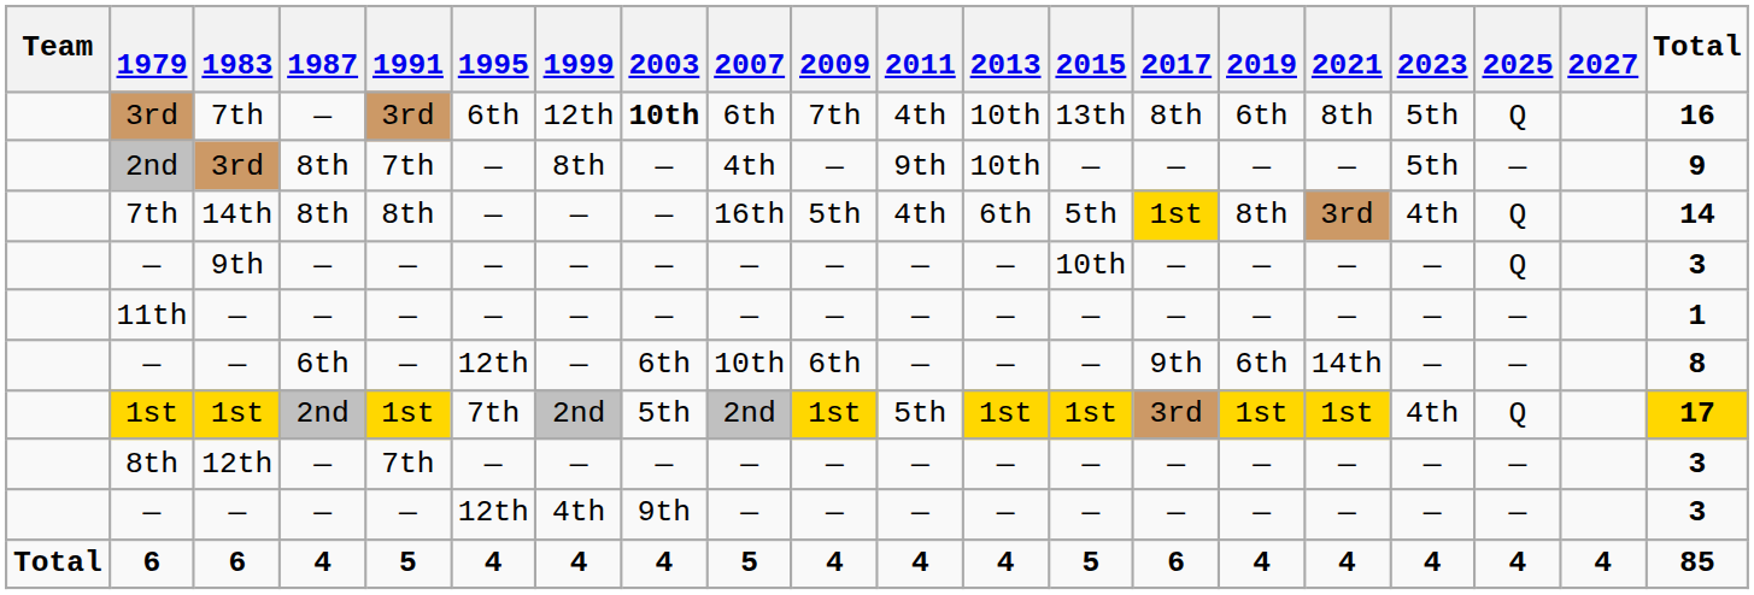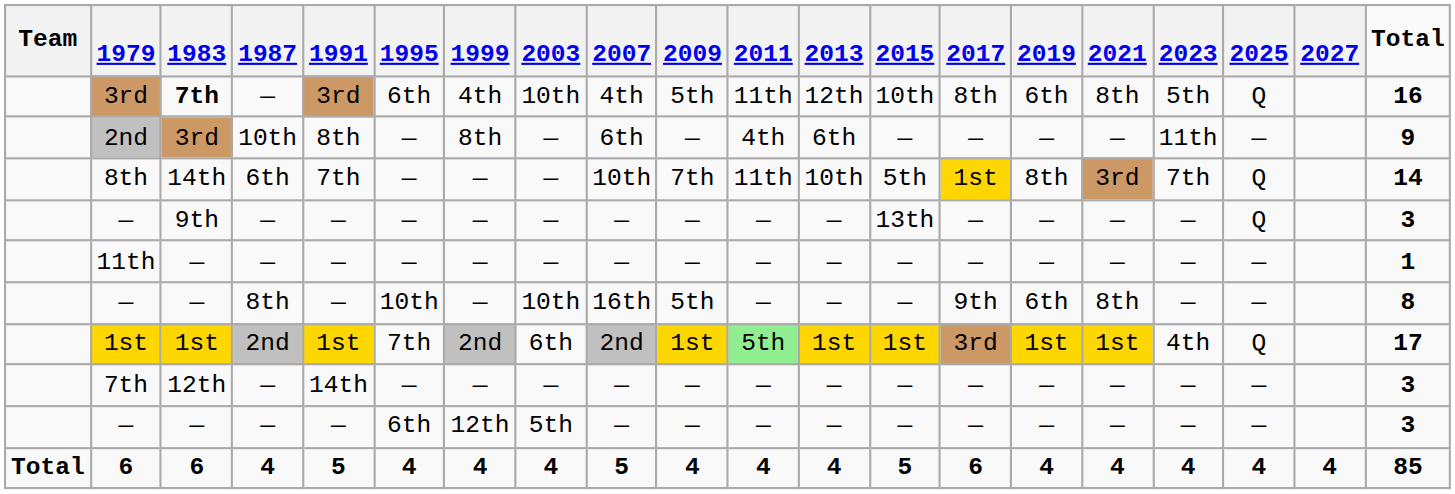 <table class="wikitable" style="text-align:center; font-size:90%">
 <tr>
 <th><strong>Team</strong></th>
 <th><br><a href='#'>1979</a></th>
 <th><br><a href='#'>1983</a></th>
 <th><br><a href='#'>1987</a></th>
 <th><br><a href='#'>1991</a></th>
 <th><br><a href='#'>1995</a></th>
 <th><br><a href='#'>1999</a></th>
 <th><br><a href='#'>2003</a></th>
 <th><br><a href='#'>2007</a></th>
 <th><br><a href='#'>2009</a></th>
 <th><br><a href='#'>2011</a></th>
 <th><br><a href='#'>2013</a></th>
 <th><br><a href='#'>2015</a></th>
 <th><br><a href='#'>2017</a></th>
 <th><br> <a href='#'>2019</a></th>
 <th><br> <a href='#'>2021</a></th>
 <th><br> <a href='#'>2023</a></th>
 <th><br> <a href='#'>2025</a></th>
 <th><br> <a href='#'>2027</a></th>
 <td><strong>Total</strong></td>
 </tr>
 <tr>
 <td align="left"></td>
 <td bgcolor="cc9966">3rd</td>
-<td>7th</td>
+<td><strong>7th</strong></td>
 <td>—</td>
 <td bgcolor="cc9966">3rd</td>
 <td>6th</td>
-<td>12th</td>
-<td><strong>10th</strong></td>
-<td>6th</td>
-<td>7th</td>
 <td>4th</td>
 <td>10th</td>
-<td>13th</td>
+<td>4th</td>
+<td>5th</td>
+<td>11th</td>
+<td>12th</td>
+<td>10th</td>
 <td>8th</td>
 <td>6th</td>
 <td>8th</td>
 <td>5th</td>
 <td>Q</td>
 <td></td>
 <td><strong>16</strong></td>
 </tr>
 <tr>
 <td align="left"></td>
 <td bgcolor=silver>2nd</td>
 <td bgcolor="cc9966">3rd</td>
+<td>10th</td>
 <td>8th</td>
-<td>7th</td>
 <td>—</td>
 <td>8th</td>
 <td>—</td>
+<td>6th</td>
+<td>—</td>
 <td>4th</td>
-<td>—</td>
-<td>9th</td>
-<td>10th</td>
+<td>6th</td>
 <td>—</td>
 <td>—</td>
 <td>—</td>
 <td>—</td>
-<td>5th</td>
+<td>11th</td>
 <td>—</td>
 <td></td>
 <td><strong>9</strong></td>
 </tr>
 <tr>
 <td align=left></td>
+<td>8th</td>
+<td>14th</td>
+<td>6th</td>
 <td>7th</td>
-<td>14th</td>
-<td>8th</td>
-<td>8th</td>
 <td>—</td>
 <td>—</td>
 <td>—</td>
-<td>16th</td>
-<td>5th</td>
-<td>4th</td>
-<td>6th</td>
+<td>10th</td>
+<td>7th</td>
+<td>11th</td>
+<td>10th</td>
 <td>5th</td>
 <td bgcolor=gold>1st</td>
 <td>8th</td>
 <td bgcolor="cc9966">3rd</td>
-<td>4th</td>
+<td>7th</td>
 <td>Q</td>
 <td></td>
 <td><strong>14</strong></td>
 </tr>
 <tr>
 <td align=left></td>
 <td>—</td>
 <td>9th</td>
 <td>—</td>
 <td>—</td>
 <td>—</td>
 <td>—</td>
 <td>—</td>
 <td>—</td>
 <td>—</td>
 <td>—</td>
 <td>—</td>
-<td>10th</td>
+<td>13th</td>
 <td>—</td>
 <td>—</td>
 <td>—</td>
 <td>—</td>
 <td>Q</td>
 <td></td>
 <td><strong>3</strong></td>
 </tr>
 <tr>
 <td align=left></td>
 <td>11th</td>
 <td>—</td>
 <td>—</td>
 <td>—</td>
 <td>—</td>
 <td>—</td>
 <td>—</td>
 <td>—</td>
 <td>—</td>
 <td>—</td>
 <td>—</td>
 <td>—</td>
 <td>—</td>
 <td>—</td>
 <td>—</td>
 <td>—</td>
 <td>—</td>
 <td></td>
 <td><strong>1</strong></td>
 </tr>
 <tr>
 <td align=left></td>
 <td>—</td>
 <td>—</td>
-<td>6th</td>
+<td>8th</td>
 <td>—</td>
-<td>12th</td>
+<td>10th</td>
 <td>—</td>
-<td>6th</td>
 <td>10th</td>
-<td>6th</td>
+<td>16th</td>
+<td>5th</td>
 <td>—</td>
 <td>—</td>
 <td>—</td>
 <td>9th</td>
 <td>6th</td>
-<td>14th</td>
+<td>8th</td>
 <td>—</td>
 <td>—</td>
 <td></td>
 <td><strong>8</strong></td>
 </tr>
 <tr>
 <td align=left></td>
 <td bgcolor=gold>1st</td>
 <td bgcolor=gold>1st</td>
 <td bgcolor=silver>2nd</td>
 <td bgcolor=gold>1st</td>
 <td>7th</td>
 <td bgcolor=silver>2nd</td>
-<td>5th</td>
+<td>6th</td>
 <td bgcolor=silver>2nd</td>
 <td bgcolor=gold>1st</td>
-<td>5th</td>
+<td style="background: lightgreen;">5th</td>
 <td bgcolor=gold>1st</td>
 <td bgcolor=gold>1st</td>
 <td bgcolor="cc9966">3rd</td>
 <td bgcolor=gold>1st</td>
 <td bgcolor=gold>1st</td>
 <td>4th</td>
 <td>Q</td>
 <td></td>
-<td style="background: gold;"><strong>17</strong></td>
+<td><strong>17</strong></td>
 </tr>
 <tr>
 <td align=left></td>
-<td>8th</td>
+<td>7th</td>
 <td>12th</td>
 <td>—</td>
-<td>7th</td>
+<td>14th</td>
 <td>—</td>
 <td>—</td>
 <td>—</td>
 <td>—</td>
 <td>—</td>
 <td>—</td>
 <td>—</td>
 <td>—</td>
 <td>—</td>
 <td>—</td>
 <td>—</td>
 <td>—</td>
 <td>—</td>
 <td></td>
 <td><strong>3</strong></td>
 </tr>
 <tr>
 <td align=left></td>
 <td>—</td>
 <td>—</td>
 <td>—</td>
 <td>—</td>
+<td>6th</td>
 <td>12th</td>
-<td>4th</td>
-<td>9th</td>
+<td>5th</td>
 <td>—</td>
 <td>—</td>
 <td>—</td>
 <td>—</td>
 <td>—</td>
 <td>—</td>
 <td>—</td>
 <td>—</td>
 <td>—</td>
 <td>—</td>
 <td></td>
 <td><strong>3</strong></td>
 </tr>
 <tr>
 <td align=left><strong>Total</strong></td>
 <td><strong>6</strong></td>
 <td><strong>6</strong></td>
 <td><strong>4</strong></td>
 <td><strong>5</strong></td>
 <td><strong>4</strong></td>
 <td><strong>4</strong></td>
 <td><strong>4</strong></td>
 <td><strong>5</strong></td>
 <td><strong>4</strong></td>
 <td><strong>4</strong></td>
 <td><strong>4</strong></td>
 <td><strong>5</strong></td>
 <td><strong>6</strong></td>
 <td><strong>4</strong></td>
 <td><strong>4</strong></td>
 <td><strong>4</strong></td>
 <td><strong>4</strong></td>
 <td><strong>4</strong></td>
 <td><strong>85</strong></td>
 </tr>
 </table>
